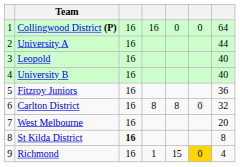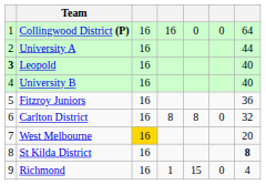 <table class="wikitable" style="text-align:center; margin-bottom:0">
 <tr>
 <th style="width:10px"></th>
 <th style="width:45%;">Team</th>
 <th style="width:30px;"></th>
 <th style="width:30px;"></th>
 <th style="width:30px;"></th>
 <th style="width:30px;"></th>
 <th style="width:30px;"></th>
 </tr>
 <tr style="background:#ccffcc;">
 <td>1</td>
 <td style="text-align:left;"><a href='#'>Collingwood District</a> <strong>(P)</strong></td>
 <td>16</td>
 <td>16</td>
 <td>0</td>
 <td>0</td>
 <td>64</td>
 </tr>
 <tr style="background:#ccffcc;">
 <td>2</td>
 <td style="text-align:left;"><a href='#'>University A</a></td>
 <td>16</td>
 <td></td>
 <td></td>
 <td></td>
 <td>44</td>
 </tr>
 <tr style="background:#ccffcc;">
-<td>3</td>
+<td><strong>3</strong></td>
 <td style="text-align:left;"><a href='#'>Leopold</a></td>
 <td>16</td>
 <td></td>
 <td></td>
 <td></td>
 <td>40</td>
 </tr>
 <tr style="background:#ccffcc;">
 <td>4</td>
 <td style="text-align:left;"><a href='#'>University B</a></td>
 <td>16</td>
 <td></td>
 <td></td>
 <td></td>
 <td>40</td>
 </tr>
 <tr>
 <td>5</td>
 <td style="text-align:left;"><a href='#'>Fitzroy Juniors</a></td>
 <td>16</td>
 <td></td>
 <td></td>
 <td></td>
 <td>36</td>
 </tr>
 <tr>
 <td>6</td>
 <td style="text-align:left;"><a href='#'>Carlton District</a></td>
 <td>16</td>
 <td>8</td>
 <td>8</td>
 <td>0</td>
 <td>32</td>
 </tr>
 <tr>
 <td>7</td>
 <td style="text-align:left;"><a href='#'>West Melbourne</a></td>
-<td>16</td>
+<td style="background: gold;">16</td>
 <td></td>
 <td></td>
 <td></td>
 <td>20</td>
 </tr>
 <tr>
 <td>8</td>
 <td style="text-align:left;"><a href='#'>St Kilda District</a></td>
-<td><strong>16</strong></td>
+<td>16</td>
 <td></td>
 <td></td>
 <td></td>
-<td>8</td>
+<td><strong>8</strong></td>
 </tr>
 <tr>
 <td>9</td>
 <td style="text-align:left;"><a href='#'>Richmond</a></td>
 <td>16</td>
 <td>1</td>
 <td>15</td>
-<td style="background: gold;">0</td>
+<td>0</td>
 <td>4</td>
 </tr>
 </table>
